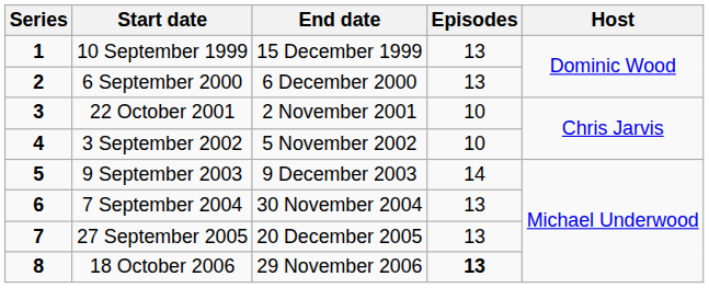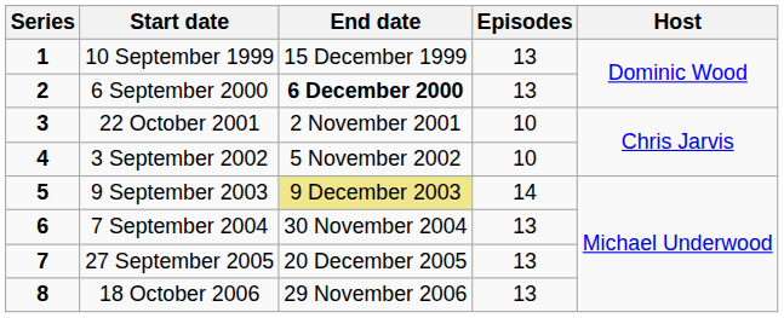 <table class="wikitable" style="text-align:center;">
 <tr>
 <th>Series</th>
 <th>Start date</th>
 <th>End date</th>
 <th>Episodes</th>
 <th>Host</th>
 </tr>
 <tr>
 <td><strong>1</strong></td>
 <td>10 September 1999</td>
 <td>15 December 1999</td>
 <td>13</td>
 <td rowspan="2"><a href='#'>Dominic Wood</a></td>
 </tr>
 <tr>
 <td><strong>2</strong></td>
 <td>6 September 2000</td>
-<td>6 December 2000</td>
+<td><strong>6 December 2000</strong></td>
 <td>13</td>
 </tr>
 <tr>
 <td><strong>3</strong></td>
 <td>22 October 2001</td>
 <td>2 November 2001</td>
 <td>10</td>
 <td rowspan="2"><a href='#'>Chris Jarvis</a></td>
 </tr>
 <tr>
 <td><strong>4</strong></td>
 <td>3 September 2002</td>
 <td>5 November 2002</td>
 <td>10</td>
 </tr>
 <tr>
 <td><strong>5</strong></td>
 <td>9 September 2003</td>
-<td>9 December 2003</td>
+<td style="background: khaki;">9 December 2003</td>
 <td>14</td>
 <td rowspan="4"><a href='#'>Michael Underwood</a></td>
 </tr>
 <tr>
 <td><strong>6</strong></td>
 <td>7 September 2004</td>
 <td>30 November 2004</td>
 <td>13</td>
 </tr>
 <tr>
 <td><strong>7</strong></td>
 <td>27 September 2005</td>
 <td>20 December 2005</td>
 <td>13</td>
 </tr>
 <tr>
 <td><strong>8</strong></td>
 <td>18 October 2006</td>
 <td>29 November 2006</td>
-<td><strong>13</strong></td>
+<td>13</td>
 </tr>
 </table>
